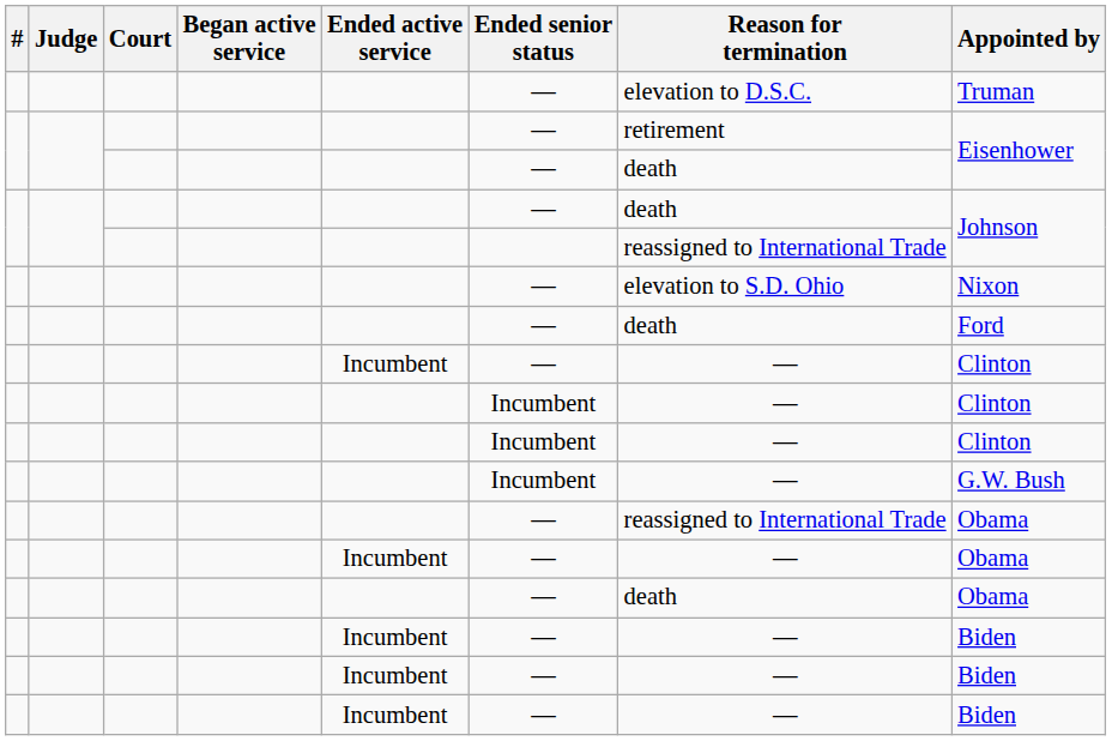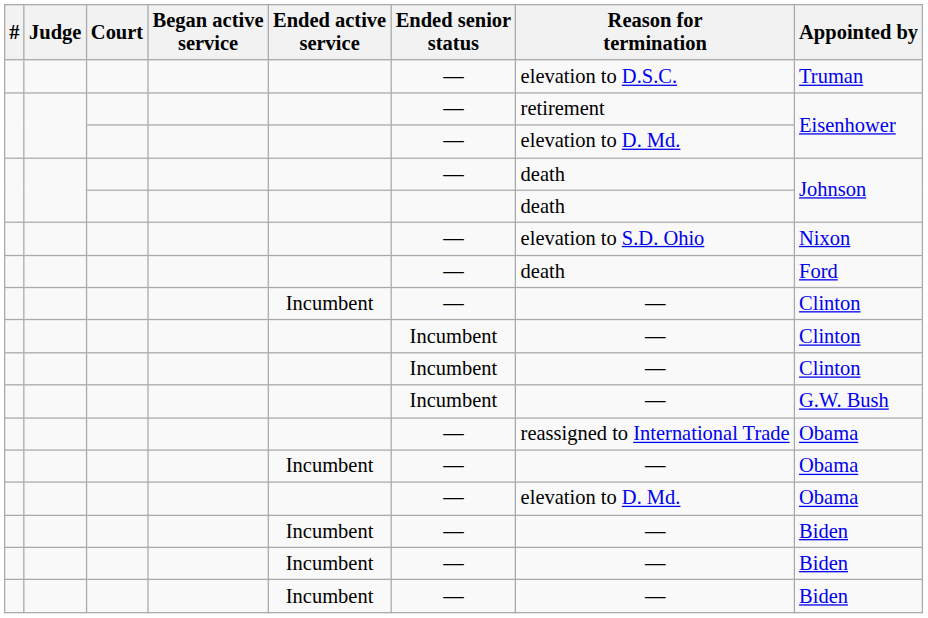 <table class="sortable wikitable">
 <tr bgcolor="#ececec">
 <th>#</th>
 <th>Judge</th>
 <th>Court</th>
 <th>Began active<br>service</th>
 <th>Ended active<br>service</th>
 <th>Ended senior<br>status</th>
 <th>Reason for<br>termination</th>
 <th>Appointed by</th>
 </tr>
 <tr>
 <td></td>
 <td></td>
 <td></td>
 <td></td>
 <td></td>
 <td align="center">—</td>
 <td>elevation to <a href='#'>D.S.C.</a></td>
 <td><a href='#'>Truman</a></td>
 </tr>
 <tr>
 <td rowspan=2></td>
 <td rowspan=2></td>
 <td></td>
 <td></td>
 <td></td>
 <td align="center">—</td>
 <td>retirement</td>
 <td rowspan=2><a href='#'>Eisenhower</a></td>
 </tr>
 <tr>
 <td></td>
 <td></td>
 <td></td>
 <td align="center">—</td>
-<td>death</td>
+<td>elevation to <a href='#'>D. Md.</a></td>
 </tr>
 <tr>
 <td rowspan=2></td>
 <td rowspan=2></td>
 <td></td>
 <td></td>
 <td></td>
 <td align="center">—</td>
 <td>death</td>
 <td rowspan=2><a href='#'>Johnson</a></td>
 </tr>
 <tr>
 <td></td>
 <td></td>
 <td></td>
 <td></td>
-<td>reassigned to <a href='#'>International Trade</a></td>
+<td>death</td>
 </tr>
 <tr>
 <td></td>
 <td></td>
 <td></td>
 <td></td>
 <td></td>
 <td align="center">—</td>
 <td>elevation to <a href='#'>S.D. Ohio</a></td>
 <td><a href='#'>Nixon</a></td>
 </tr>
 <tr>
 <td></td>
 <td></td>
 <td></td>
 <td></td>
 <td></td>
 <td align="center">—</td>
 <td>death</td>
 <td><a href='#'>Ford</a></td>
 </tr>
 <tr>
 <td></td>
 <td></td>
 <td></td>
 <td></td>
 <td align="center">Incumbent</td>
 <td align="center">—</td>
 <td align="center">—</td>
 <td><a href='#'>Clinton</a></td>
 </tr>
 <tr>
 <td></td>
 <td></td>
 <td></td>
 <td></td>
 <td></td>
 <td align="center">Incumbent</td>
 <td align="center">—</td>
 <td><a href='#'>Clinton</a></td>
 </tr>
 <tr>
 <td></td>
 <td></td>
 <td></td>
 <td></td>
 <td></td>
 <td align="center">Incumbent</td>
 <td align="center">—</td>
 <td><a href='#'>Clinton</a></td>
 </tr>
 <tr>
 <td></td>
 <td></td>
 <td></td>
 <td></td>
 <td></td>
 <td align="center">Incumbent</td>
 <td align="center">—</td>
 <td><a href='#'>G.W. Bush</a></td>
 </tr>
 <tr>
 <td></td>
 <td></td>
 <td></td>
 <td></td>
 <td></td>
 <td align="center">—</td>
 <td>reassigned to <a href='#'>International Trade</a></td>
 <td><a href='#'>Obama</a></td>
 </tr>
 <tr>
 <td></td>
 <td></td>
 <td></td>
 <td></td>
 <td align="center">Incumbent</td>
 <td align="center">—</td>
 <td align="center">—</td>
 <td><a href='#'>Obama</a></td>
 </tr>
 <tr>
 <td></td>
 <td></td>
 <td></td>
 <td></td>
 <td></td>
 <td align="center">—</td>
-<td>death</td>
+<td>elevation to <a href='#'>D. Md.</a></td>
 <td><a href='#'>Obama</a></td>
 </tr>
 <tr>
 <td></td>
 <td></td>
 <td></td>
 <td></td>
 <td align="center">Incumbent</td>
 <td align="center">—</td>
 <td align="center">—</td>
 <td><a href='#'>Biden</a></td>
 </tr>
 <tr>
 <td></td>
 <td></td>
 <td></td>
 <td></td>
 <td align="center">Incumbent</td>
 <td align="center">—</td>
 <td align="center">—</td>
 <td><a href='#'>Biden</a></td>
 </tr>
 <tr>
 <td></td>
 <td></td>
 <td></td>
 <td></td>
 <td align="center">Incumbent</td>
 <td align="center">—</td>
 <td align="center">—</td>
 <td><a href='#'>Biden</a></td>
 </tr>
 </table>
